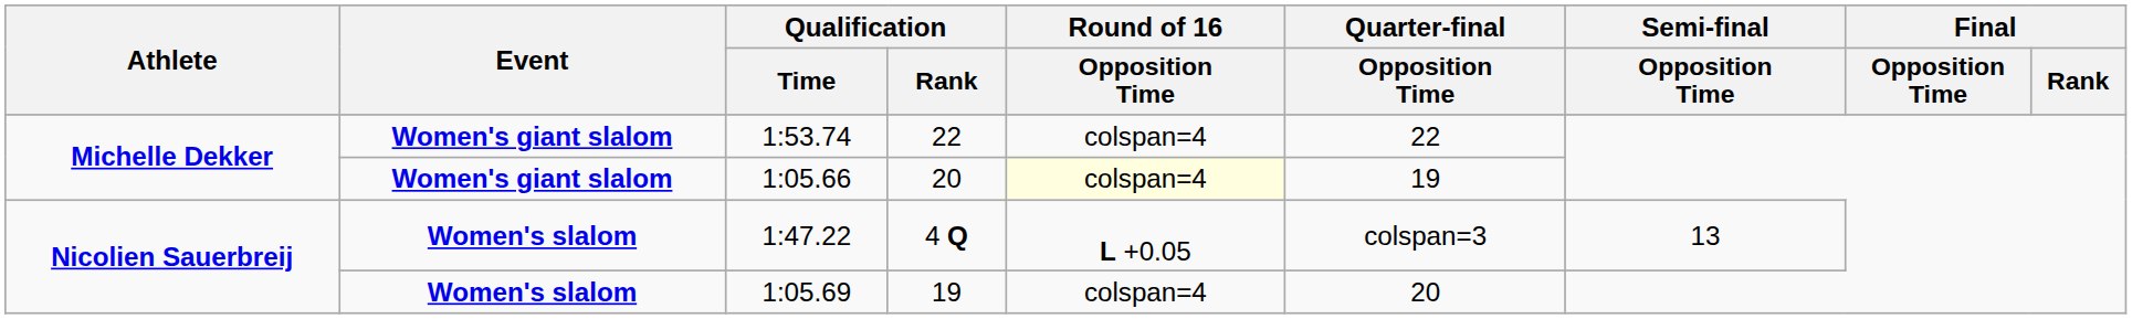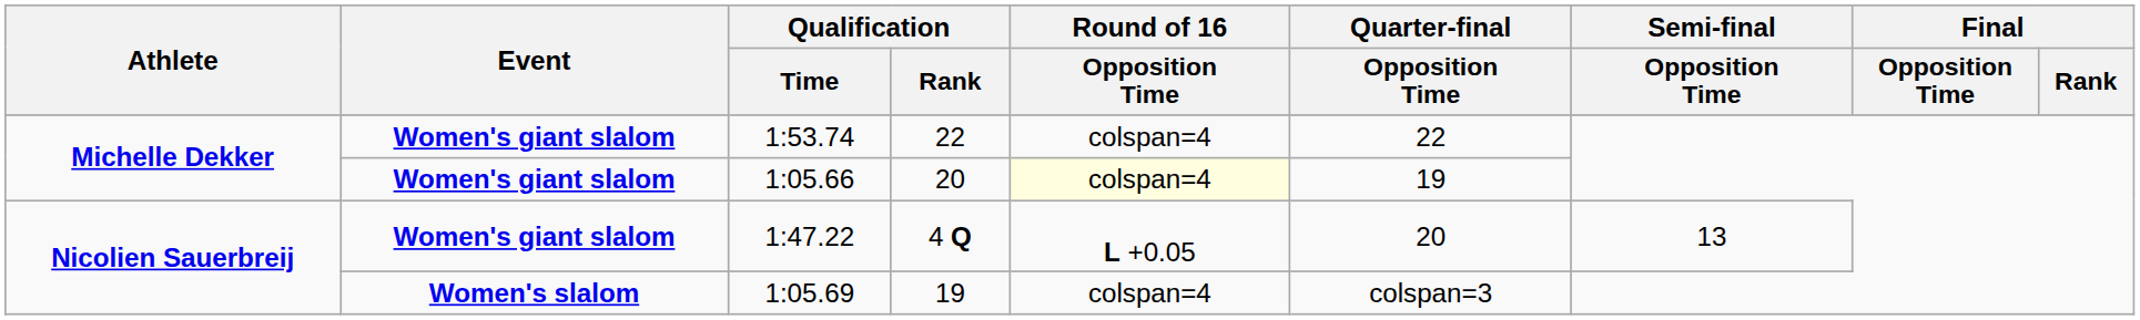 <table class="wikitable plainrowheaders" style="text-align: center;font-size:90%">
 <tr>
 <th scope="col" rowspan="2" style="width:12em;">Athlete</th>
 <th scope="col" rowspan="2" style="width:14em;">Event</th>
 <th scope="col" colspan="2" style="width:10em;">Qualification</th>
 <th scope="col" style="width:10em;">Round of 16</th>
 <th scope="col" style="width:10em;">Quarter-final</th>
 <th scope="col" style="width:10em;">Semi-final</th>
 <th scope="col" colspan=2 style="width:10em;">Final</th>
 </tr>
 <tr style="font-size:95%">
 <th scope="col">Time</th>
 <th scope="col">Rank</th>
 <th scope="col">Opposition<br>Time</th>
 <th scope="col">Opposition<br>Time</th>
 <th scope="col">Opposition<br>Time</th>
 <th scope="col">Opposition<br>Time</th>
 <th>Rank</th>
 </tr>
 <tr>
 <th scope="row" style="background-color:transparent" rowspan=2><a href='#'>Michelle Dekker</a></th>
 <th scope="row" style="background-color:transparent"><a href='#'>Women's giant slalom</a></th>
 <td>1:53.74</td>
 <td>22</td>
 <td>colspan=4 </td>
 <td>22</td>
 </tr>
 <tr>
 <th scope="row" style="background-color:transparent"><a href='#'>Women's giant slalom</a></th>
 <td>1:05.66</td>
 <td>20</td>
 <td style="background: lightyellow;">colspan=4 </td>
 <td>19</td>
 </tr>
 <tr>
 <th scope="row" style="background-color:transparent" rowspan=2><a href='#'>Nicolien Sauerbreij</a></th>
-<th scope="row" style="background-color:transparent"><a href='#'>Women's slalom</a></th>
+<th scope="row" style="background-color:transparent"><a href='#'>Women's giant slalom</a></th>
 <td>1:47.22</td>
 <td>4 <strong>Q</strong></td>
 <td><br><strong>L</strong> +0.05</td>
-<td>colspan=3 </td>
+<td>20</td>
 <td>13</td>
 </tr>
 <tr>
 <th scope="row" style="background-color:transparent"><a href='#'>Women's slalom</a></th>
 <td>1:05.69</td>
 <td>19</td>
 <td>colspan=4 </td>
-<td>20</td>
+<td>colspan=3 </td>
 </tr>
 </table>
